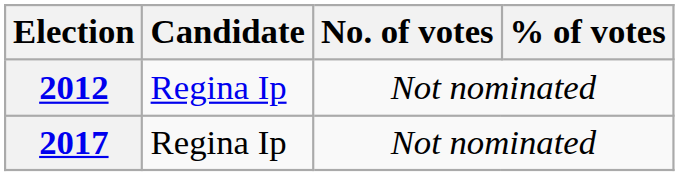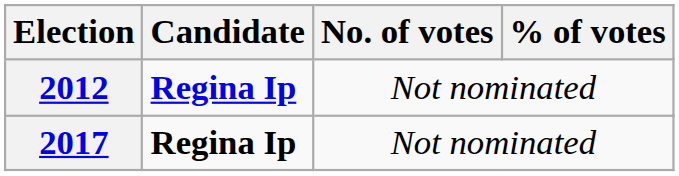 <table class=wikitable style="text-align: right;">
 <tr align=center>
 <th>Election</th>
 <th>Candidate</th>
 <th>No. of votes</th>
 <th>% of votes</th>
 </tr>
 <tr>
 <th><a href='#'>2012</a></th>
-<td align=left><a href='#'>Regina Ip</a></td>
+<td align=left><strong><a href='#'>Regina Ip</a></strong></td>
 <td colspan=2 align=center><em>Not nominated</em></td>
 </tr>
 <tr>
 <th><a href='#'>2017</a></th>
-<td align=left>Regina Ip</td>
+<td align=left><strong>Regina Ip</strong></td>
 <td colspan=2 align=center><em>Not nominated</em></td>
 </tr>
 </table>
